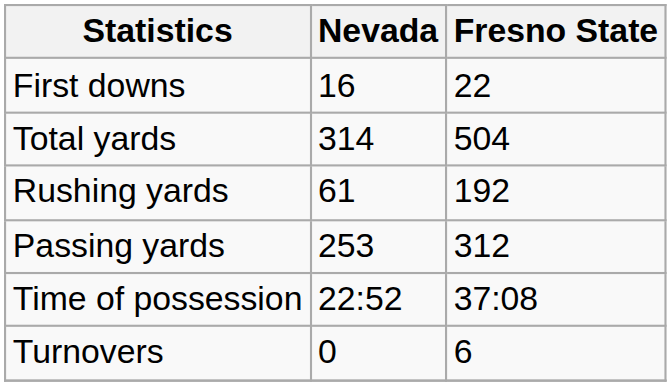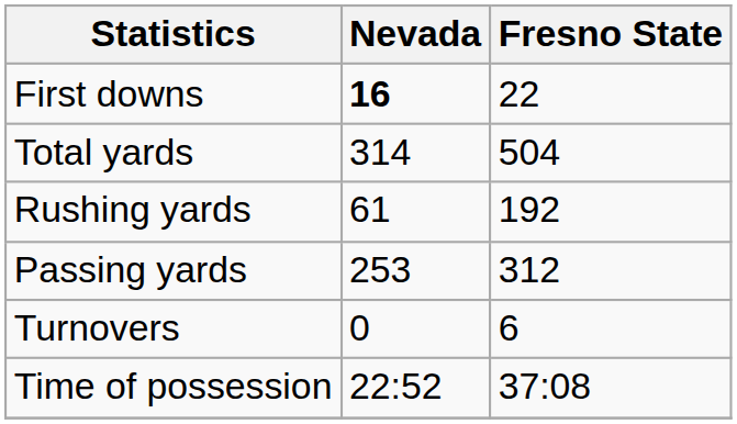 <table class="wikitable">
 <tr>
 <th>Statistics</th>
 <th>Nevada</th>
 <th>Fresno State</th>
 </tr>
 <tr>
 <td>First downs</td>
-<td>16</td>
+<td><strong>16</strong></td>
 <td>22</td>
 </tr>
 <tr>
 <td>Total yards</td>
 <td>314</td>
 <td>504</td>
 </tr>
 <tr>
 <td>Rushing yards</td>
 <td>61</td>
 <td>192</td>
 </tr>
 <tr>
 <td>Passing yards</td>
 <td>253</td>
 <td>312</td>
 </tr>
 <tr>
+<td>Turnovers</td>
+<td>0</td>
+<td>6</td>
+</tr>
+<tr>
 <td>Time of possession</td>
 <td>22:52</td>
 <td>37:08</td>
 </tr>
 <tr>
-<td>Turnovers</td>
-<td>0</td>
-<td>6</td>
-</tr>
-<tr>
 </tr>
 </table>
